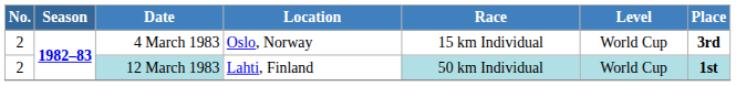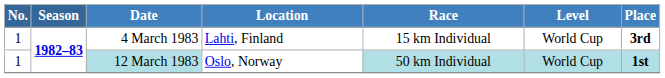 <table class="wikitable sortable" style="font-size:95%; text-align:center; border:grey solid 1px; border-collapse:collapse; background:#ffffff;">
 <tr style="background:#efefef;">
 <th style="background-color:#369; color:white;">No.</th>
 <th style="background-color:#369; color:white;">Season</th>
 <th style="background-color:#4180be; color:white; width:120px;">Date</th>
 <th style="background-color:#4180be; color:white; width:170px;">Location</th>
 <th style="background-color:#4180be; color:white; width:170px;">Race</th>
 <th style="background-color:#4180be; color:white; width:100px;">Level</th>
 <th style="background-color:#4180be; color:white;">Place</th>
 </tr>
 <tr>
-<td align=center>2</td>
+<td align=center>1</td>
 <td rowspan=2 align=center><strong><a href='#'>1982–83</a></strong></td>
 <td align=right>4 March 1983</td>
-<td align=left> <a href='#'>Oslo</a>, Norway</td>
+<td align=left> <a href='#'>Lahti</a>, Finland</td>
 <td>15 km Individual</td>
 <td>World Cup</td>
 <td><strong>3rd</strong></td>
 </tr>
 <tr>
-<td align=center>2</td>
+<td align=center>1</td>
 <td bgcolor="#BOEOE6" align=right>12 March 1983</td>
-<td align=left> <a href='#'>Lahti</a>, Finland</td>
+<td align=left> <a href='#'>Oslo</a>, Norway</td>
 <td bgcolor="#BOEOE6">50 km Individual</td>
 <td bgcolor="#BOEOE6">World Cup</td>
 <td bgcolor="#BOEOE6"><strong>1st</strong></td>
 </tr>
 <tr>
 </tr>
 </table>
